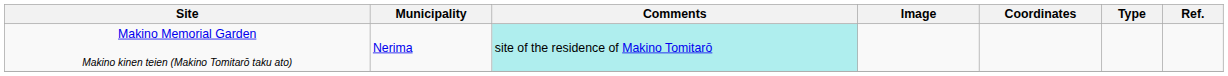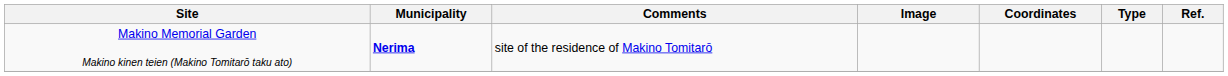 <table class="wikitable sortable"  style="width:100%;">
 <tr>
 <th width="30%" align="left">Site</th>
 <th width="10%" align="left">Municipality</th>
 <th width="30%" align="left" class="unsortable">Comments</th>
 <th width="10%" align="left"  class="unsortable">Image</th>
 <th width="10%" align="left" class="unsortable">Coordinates</th>
 <th width="5%" align="left">Type</th>
 <th width="5%" align="left"  class="unsortable">Ref.</th>
 </tr>
 <tr まきのきねんていえん（まきのとみたろうたくあと）>
 <td align="center"><a href='#'>Makino Memorial Garden</a><br><br><small><em>Makino kinen teien (Makino Tomitarō taku ato)</em></small></td>
-<td><a href='#'>Nerima</a></td>
-<td style="background: paleturquoise;">site of the residence of <a href='#'>Makino Tomitarō</a></td>
+<td><strong><a href='#'>Nerima</a></strong></td>
+<td>site of the residence of <a href='#'>Makino Tomitarō</a></td>
 <td></td>
 <td></td>
 <td></td>
 <td></td>
 </tr>
 <tr>
 </tr>
 </table>
